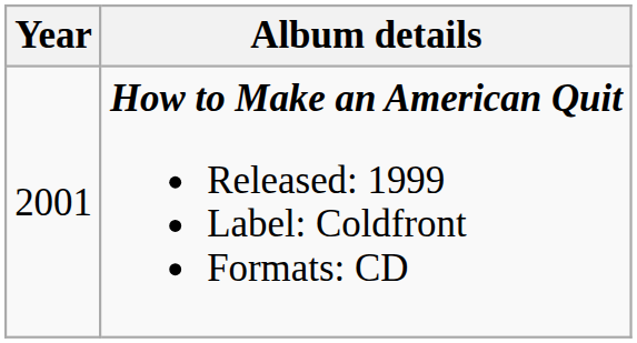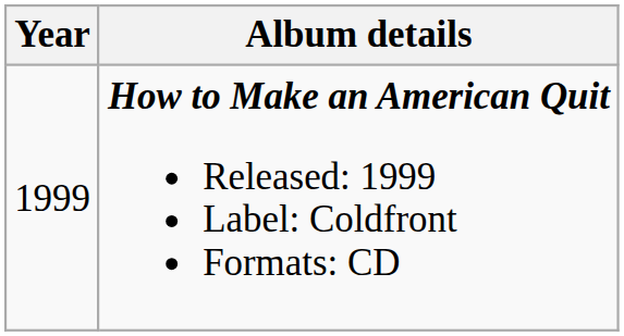 <table class="wikitable">
 <tr>
 <th>Year</th>
 <th>Album details</th>
 </tr>
 <tr>
-<td>2001</td>
+<td>1999</td>
 <td><strong><em>How to Make an American Quit</em></strong><br><ul><li>Released: 1999</li><li>Label: Coldfront </li><li>Formats: CD</li></ul></td>
 </tr>
 </table>
